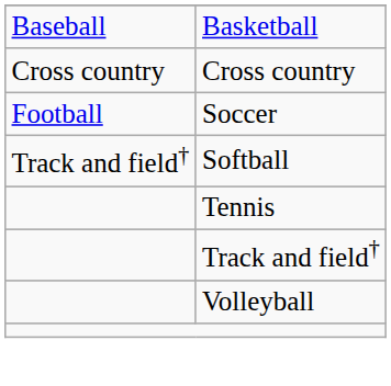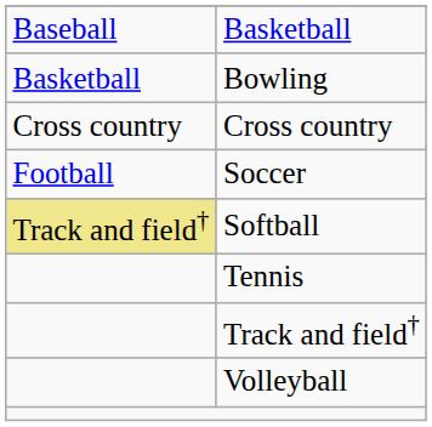 <table class="wikitable" style= " ">
 <tr>
 </tr>
 <tr>
 <td><a href='#'>Baseball</a></td>
 <td><a href='#'>Basketball</a></td>
+</tr>
+<tr>
+<td><a href='#'>Basketball</a></td>
+<td>Bowling</td>
 </tr>
 <tr>
 <td>Cross country</td>
 <td>Cross country</td>
 </tr>
 <tr>
 <td><a href='#'>Football</a></td>
 <td>Soccer</td>
 </tr>
 <tr>
-<td>Track and field<sup>†</sup></td>
+<td style="background: khaki;">Track and field<sup>†</sup></td>
 <td>Softball</td>
 </tr>
 <tr>
 <td></td>
 <td>Tennis</td>
 </tr>
 <tr>
 <td></td>
 <td>Track and field<sup>†</sup></td>
 </tr>
 <tr>
 <td></td>
 <td>Volleyball</td>
 </tr>
 <tr>
 <td colspan="2"></td>
 </tr>
 </table>
